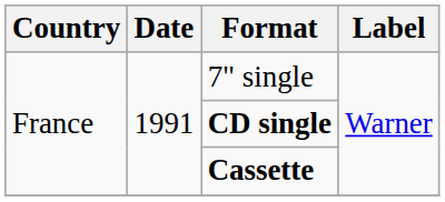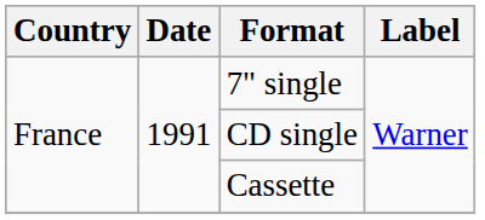 <table class=wikitable>
 <tr>
 <th>Country</th>
 <th>Date</th>
 <th>Format</th>
 <th>Label</th>
 </tr>
 <tr>
 <td rowspan="3">France</td>
 <td rowspan="3">1991</td>
 <td>7" single</td>
 <td rowspan="3"><a href='#'>Warner</a></td>
 </tr>
 <tr>
-<td><strong>CD single</strong></td>
+<td>CD single</td>
 </tr>
 <tr>
-<td><strong>Cassette</strong></td>
+<td>Cassette</td>
 </tr>
 <tr>
 </tr>
 </table>
